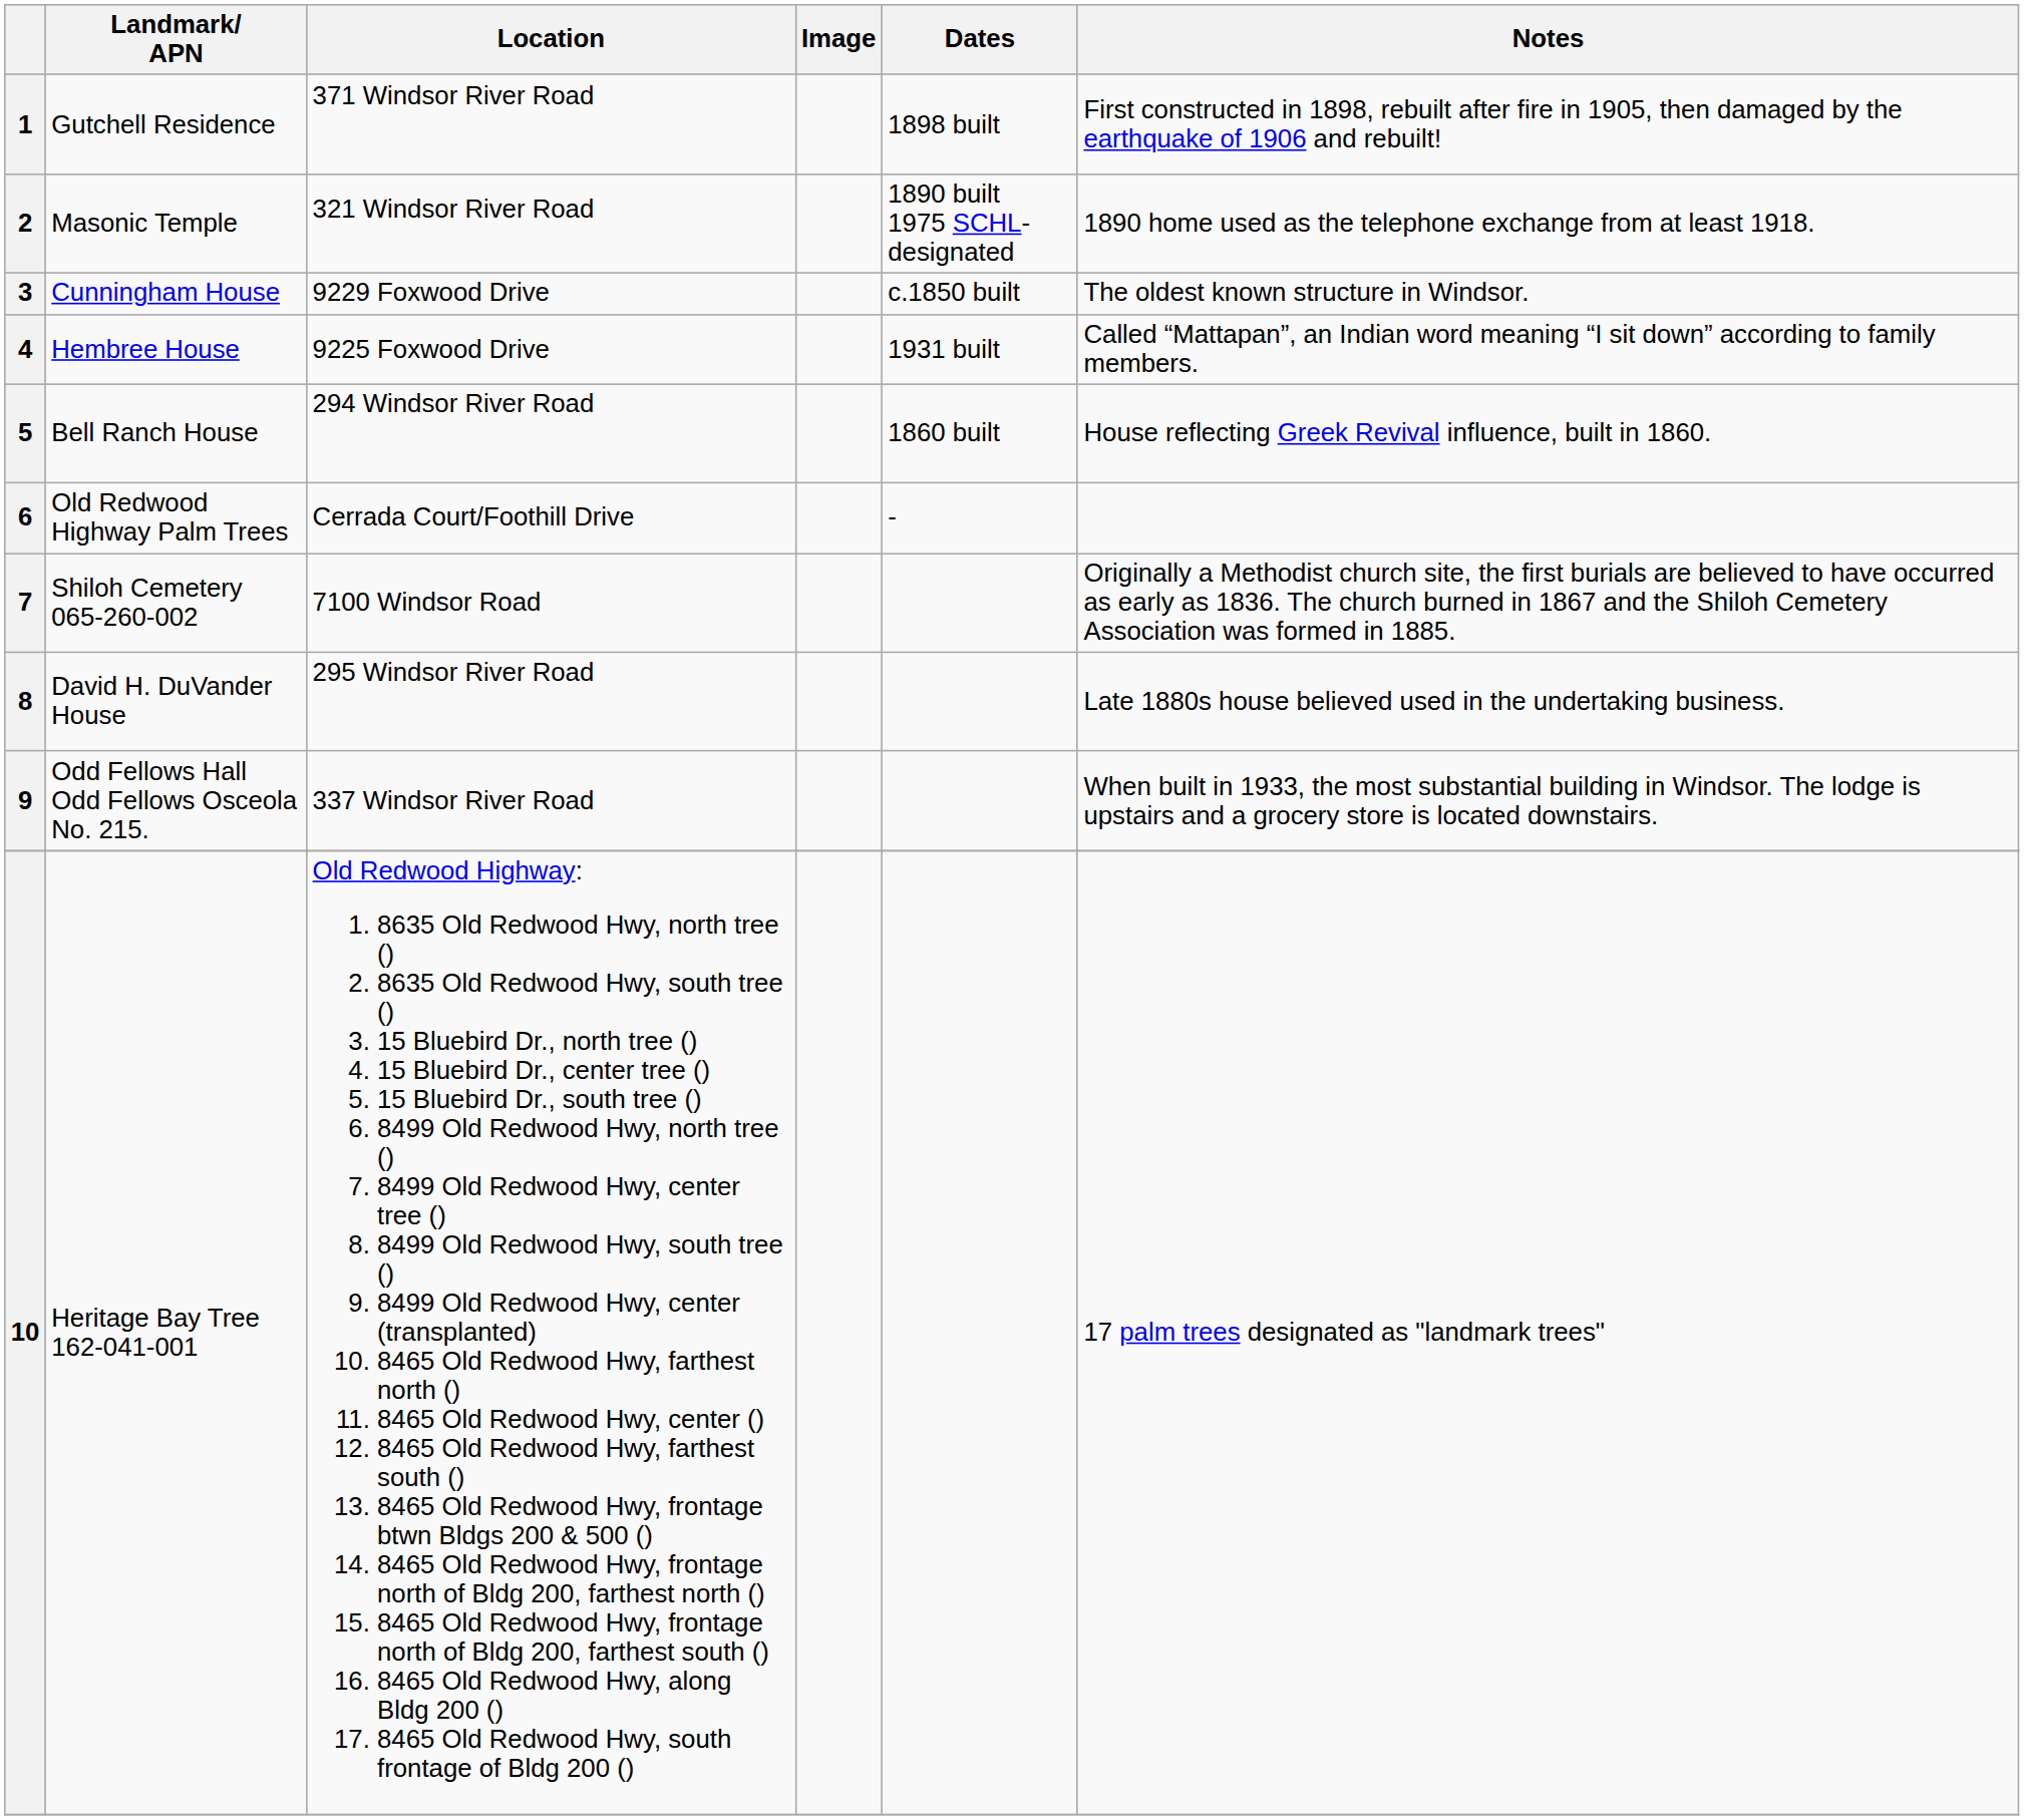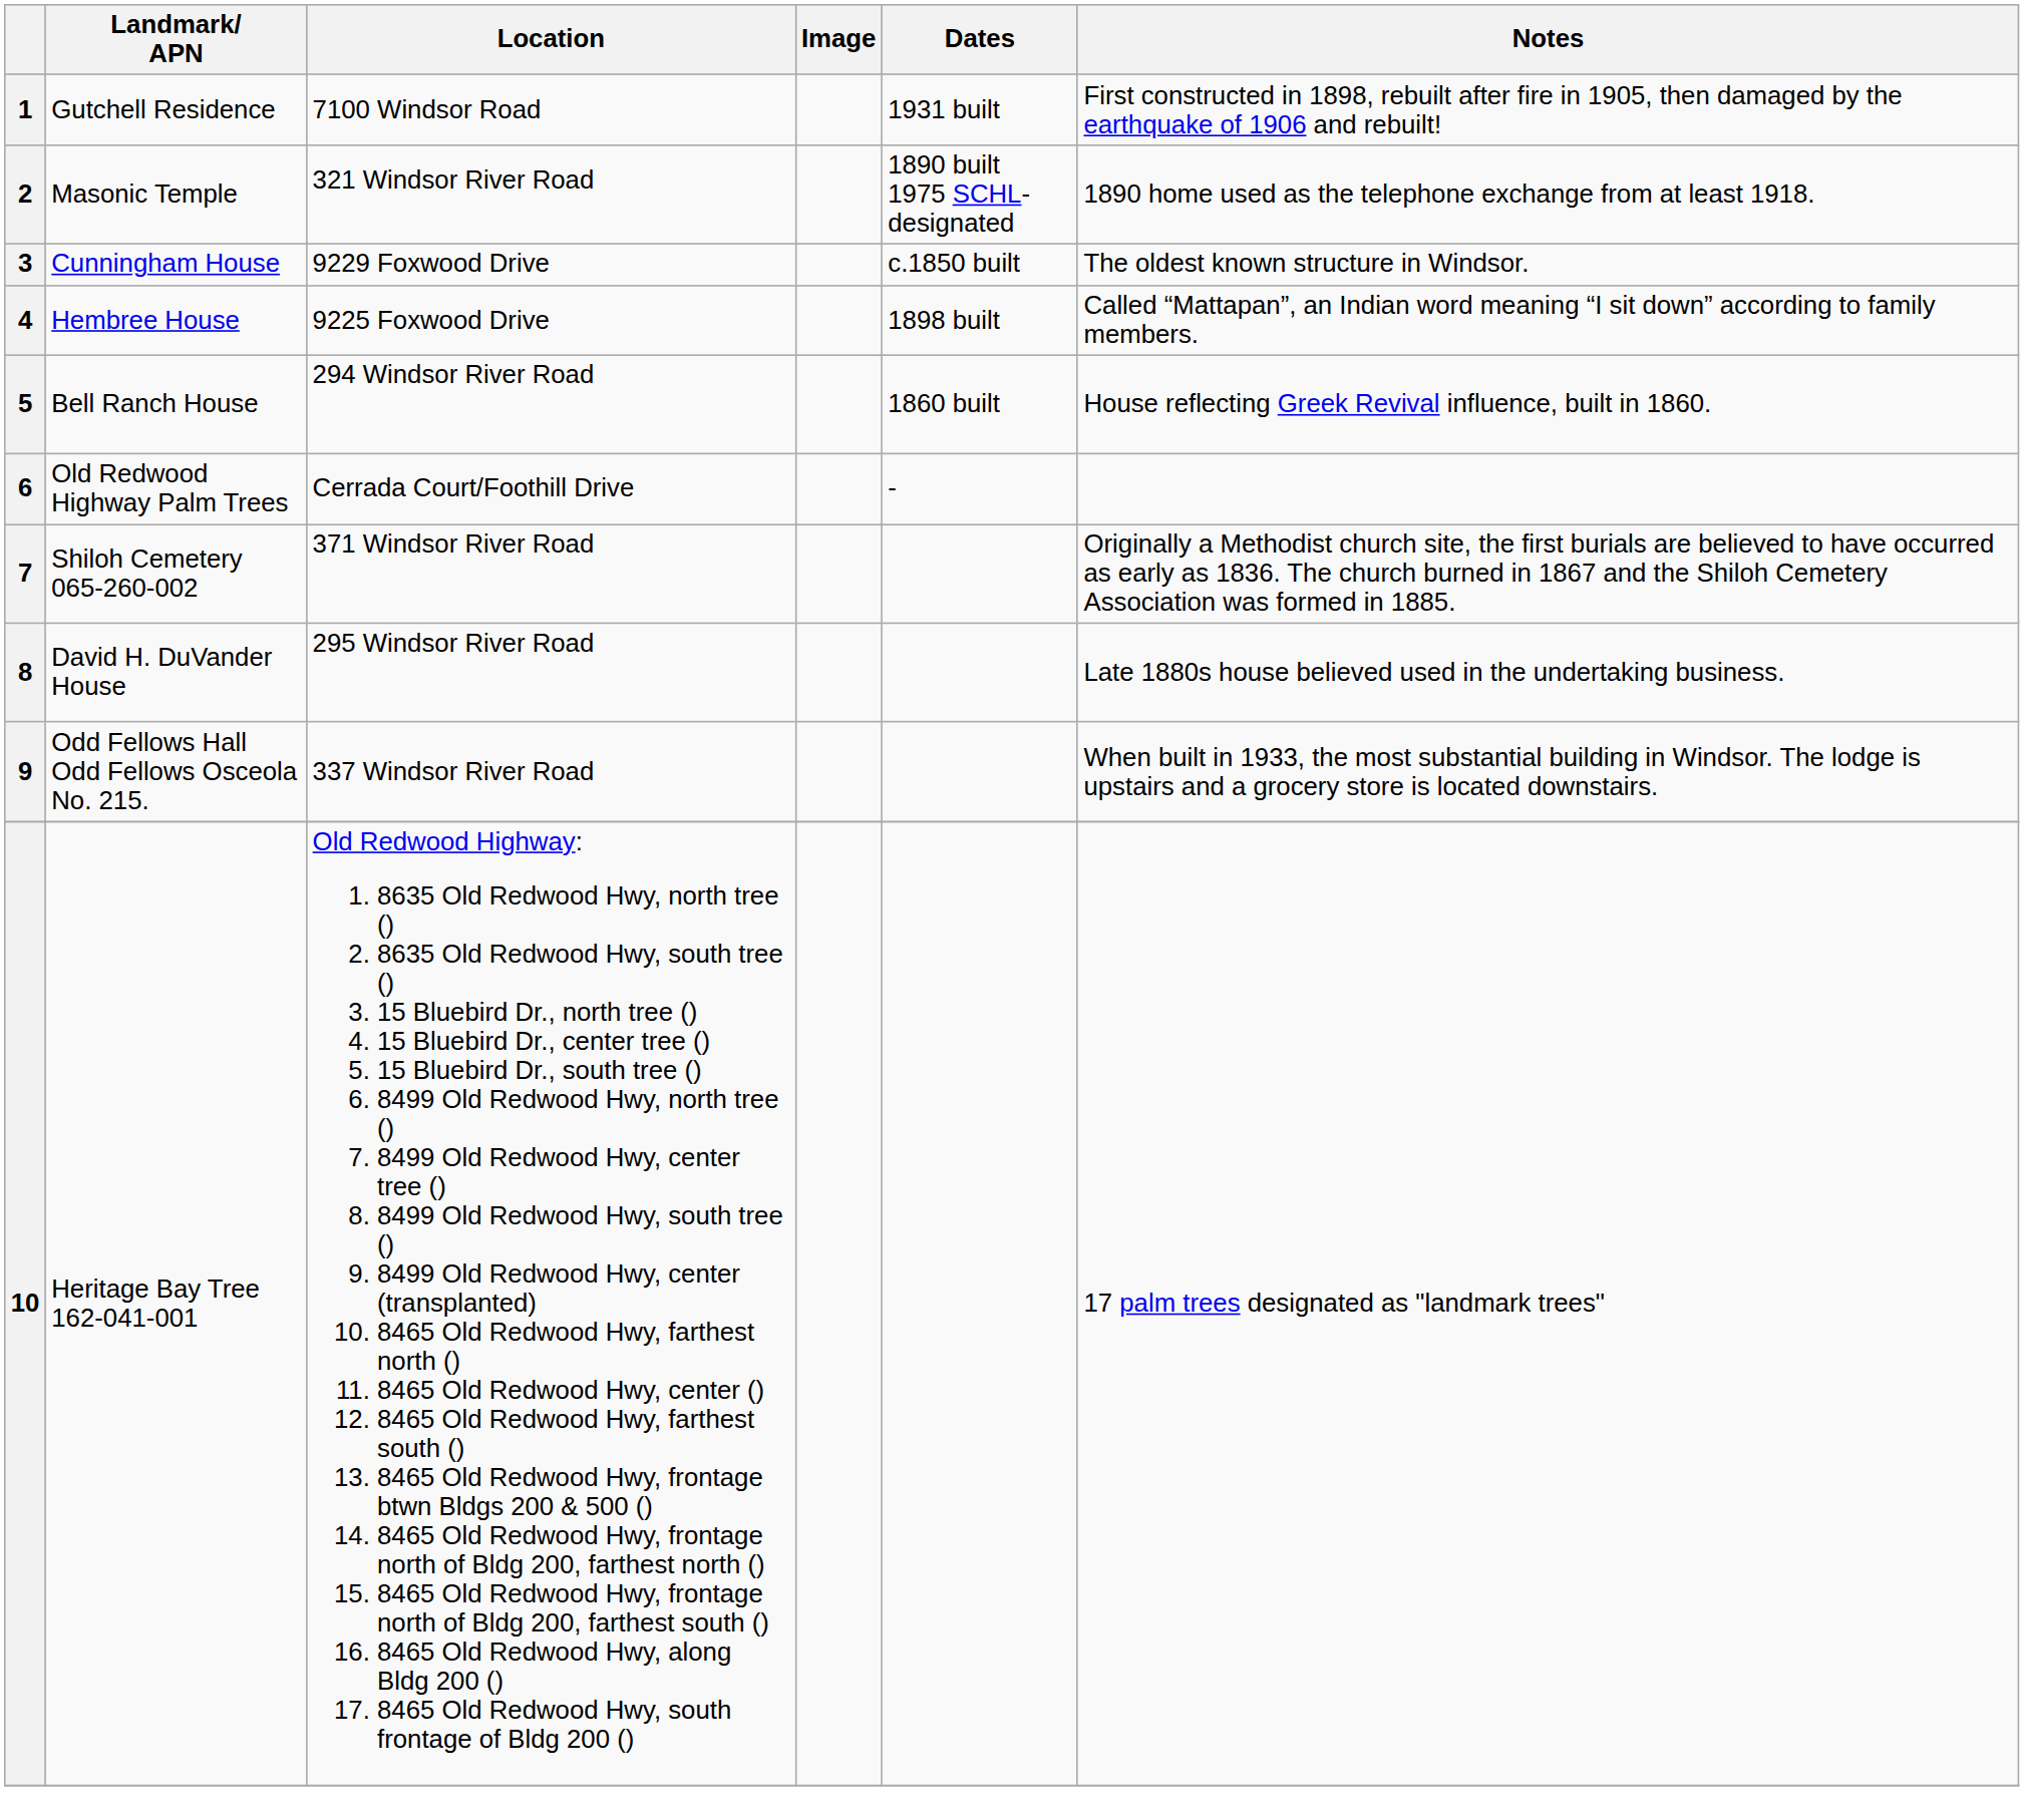 <table class="wikitable sortable">
 <tr>
 <th></th>
 <th>Landmark/<br>APN</th>
 <th>Location</th>
 <th class="unsortable">Image</th>
 <th>Dates</th>
 <th class="unsortable">Notes</th>
 </tr>
 <tr id="Windsor Masonic Temple">
 <th><strong>1</strong></th>
 <td>Gutchell Residence</td>
-<td>371 Windsor River Road<br><br><br></td>
+<td>7100 Windsor Road<br></td>
 <td></td>
-<td>1898 built</td>
+<td>1931 built</td>
 <td>First constructed in 1898, rebuilt after fire in 1905, then damaged by the <a href='#'>earthquake of 1906</a> and rebuilt!</td>
 </tr>
 <tr>
 <th><strong>2</strong></th>
 <td>Masonic Temple</td>
 <td>321 Windsor River Road<br><br></td>
 <td></td>
 <td>1890 built<br>1975 <a href='#'>SCHL</a>-designated</td>
 <td>1890 home used as the telephone exchange from at least 1918.</td>
 </tr>
 <tr>
 <th><strong>3</strong></th>
 <td><a href='#'>Cunningham House</a><br></td>
 <td>9229 Foxwood Drive<br></td>
 <td></td>
 <td>c.1850 built</td>
 <td>The oldest known structure in Windsor.</td>
 </tr>
 <tr>
 <th><strong>4</strong></th>
 <td><a href='#'>Hembree House</a><br></td>
 <td>9225 Foxwood Drive<br></td>
 <td></td>
-<td>1931 built</td>
+<td>1898 built</td>
 <td>Called “Mattapan”, an Indian word meaning “I sit down” according to family members.</td>
 </tr>
 <tr>
 <th><strong>5</strong></th>
 <td>Bell Ranch House</td>
 <td>294 Windsor River Road<br><br><br> </td>
 <td></td>
 <td>1860 built</td>
 <td>House reflecting <a href='#'>Greek Revival</a> influence, built in 1860.</td>
 </tr>
 <tr>
 <th><strong>6</strong></th>
 <td>Old Redwood Highway Palm Trees</td>
 <td>Cerrada Court/Foothill Drive<br><small></small></td>
 <td></td>
 <td It may be a large >-</td>
 </tr>
 <tr>
 <th><strong>7</strong></th>
 <td>Shiloh Cemetery<br>065-260-002</td>
-<td>7100 Windsor Road<br></td>
+<td>371 Windsor River Road<br><br><br></td>
 <td></td>
 <td></td>
 <td>Originally a Methodist church site, the first burials are believed to have occurred as early as 1836.  The church burned in 1867 and the Shiloh Cemetery Association was formed in 1885.</td>
 </tr>
 <tr>
 <th><strong>8</strong></th>
 <td>David H. DuVander House</td>
 <td>295 Windsor River Road<br><br><br></td>
 <td></td>
 <td></td>
 <td>Late 1880s house believed used in the undertaking business.</td>
 </tr>
 <tr>
 <th><strong>9</strong></th>
 <td>Odd Fellows Hall <br>Odd Fellows Osceola No. 215.</td>
 <td>337 Windsor River Road<br></td>
 <td></td>
 <td></td>
 <td>When built in 1933, the most substantial building in Windsor.  The lodge is upstairs and a grocery store is located downstairs.</td>
 </tr>
 <tr>
 </tr>
 <tr id="Old Redwood Highway Palm Trees">
 <th><strong>10</strong></th>
 <td>Heritage Bay Tree<br>162-041-001</td>
 <td><a href='#'>Old Redwood Highway</a>:<br><ol><li>8635 Old Redwood Hwy, north tree ()</li><li>8635 Old Redwood Hwy, south tree ()</li><li>15 Bluebird Dr., north tree ()</li><li>15 Bluebird Dr., center tree ()</li><li>15 Bluebird Dr., south tree ()</li><li>8499 Old Redwood Hwy, north tree ()</li><li>8499 Old Redwood Hwy, center tree ()</li><li>8499 Old Redwood Hwy, south tree ()</li><li>8499 Old Redwood Hwy, center (transplanted) </li><li>8465 Old Redwood Hwy, farthest north ()</li><li>8465 Old Redwood Hwy, center ()</li><li>8465 Old Redwood Hwy, farthest south ()</li><li>8465 Old Redwood Hwy, frontage btwn Bldgs 200 & 500 ()</li><li>8465 Old Redwood Hwy, frontage north of Bldg 200, farthest north ()</li><li>8465 Old Redwood Hwy, frontage north of Bldg 200, farthest south ()</li><li>8465 Old Redwood Hwy, along Bldg 200 ()</li><li>8465 Old Redwood Hwy, south frontage of Bldg 200 ()</li></ol></td>
 <td></td>
 <td></td>
 <td>17 <a href='#'>palm trees</a> designated as "landmark trees"</td>
 </tr>
 <tr>
 </tr>
 </table>
